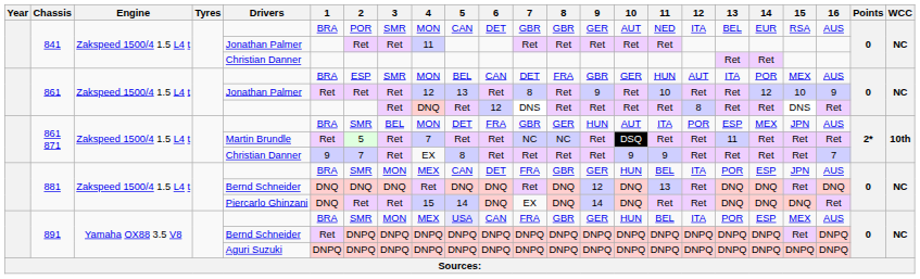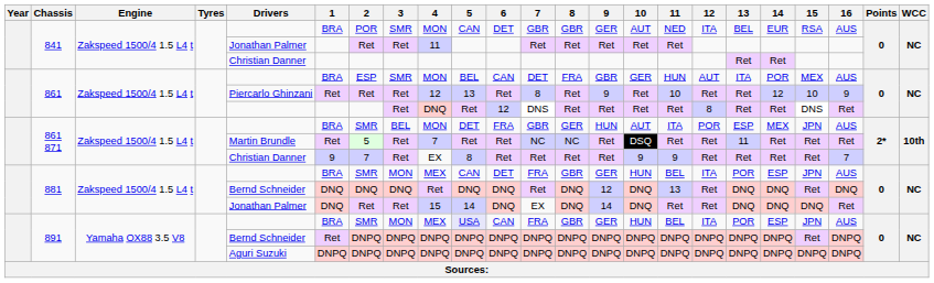 <table class="wikitable" style="text-align:center; font-size:85%">
 <tr>
 <th>Year</th>
 <th>Chassis</th>
 <th>Engine</th>
 <th>Tyres</th>
 <th>Drivers</th>
 <th>1</th>
 <th>2</th>
 <th>3</th>
 <th>4</th>
 <th>5</th>
 <th>6</th>
 <th>7</th>
 <th>8</th>
 <th>9</th>
 <th>10</th>
 <th>11</th>
 <th>12</th>
 <th>13</th>
 <th>14</th>
 <th>15</th>
 <th>16</th>
 <th>Points</th>
 <th>WCC</th>
 </tr>
 <tr>
 <th rowspan="3"></th>
 <td rowspan="3"><a href='#'>841</a></td>
 <td rowspan="3"><a href='#'>Zakspeed 1500/4</a> 1.5 <a href='#'>L4</a> <a href='#'>t</a></td>
 <td rowspan="3"></td>
 <td></td>
 <td><a href='#'>BRA</a></td>
 <td><a href='#'>POR</a></td>
 <td><a href='#'>SMR</a></td>
 <td><a href='#'>MON</a></td>
 <td><a href='#'>CAN</a></td>
 <td><a href='#'>DET</a></td>
 <td><a href='#'>GBR</a></td>
 <td><a href='#'>GBR</a></td>
 <td><a href='#'>GER</a></td>
 <td><a href='#'>AUT</a></td>
 <td><a href='#'>NED</a></td>
 <td><a href='#'>ITA</a></td>
 <td><a href='#'>BEL</a></td>
 <td><a href='#'>EUR</a></td>
 <td><a href='#'>RSA</a></td>
 <td><a href='#'>AUS</a></td>
 <th rowspan="3">0</th>
 <th rowspan="3">NC</th>
 </tr>
 <tr>
 <td align="left"> <a href='#'>Jonathan Palmer</a></td>
 <td></td>
 <td style="background:#EFCFFF;">Ret</td>
 <td style="background:#EFCFFF;">Ret</td>
 <td style="background:#CFCFFF;">11</td>
 <td></td>
 <td></td>
 <td style="background:#EFCFFF;">Ret</td>
 <td style="background:#EFCFFF;">Ret</td>
 <td style="background:#EFCFFF;">Ret</td>
 <td style="background:#EFCFFF;">Ret</td>
 <td style="background:#EFCFFF;">Ret</td>
 <td></td>
 <td></td>
 <td></td>
 <td></td>
 <td></td>
 </tr>
 <tr>
 <td align="left"> <a href='#'>Christian Danner</a></td>
 <td></td>
 <td></td>
 <td></td>
 <td></td>
 <td></td>
 <td></td>
 <td></td>
 <td></td>
 <td></td>
 <td></td>
 <td></td>
 <td></td>
 <td style="background:#EFCFFF;">Ret</td>
 <td style="background:#EFCFFF;">Ret</td>
 <td></td>
 <td></td>
 </tr>
 <tr>
 <th rowspan="3"></th>
 <td rowspan="3"><a href='#'>861</a></td>
 <td rowspan="3"><a href='#'>Zakspeed 1500/4</a> 1.5 <a href='#'>L4</a> <a href='#'>t</a></td>
 <td rowspan="3"></td>
 <td></td>
 <td><a href='#'>BRA</a></td>
 <td><a href='#'>ESP</a></td>
 <td><a href='#'>SMR</a></td>
 <td><a href='#'>MON</a></td>
 <td><a href='#'>BEL</a></td>
 <td><a href='#'>CAN</a></td>
 <td><a href='#'>DET</a></td>
 <td><a href='#'>FRA</a></td>
 <td><a href='#'>GBR</a></td>
 <td><a href='#'>GER</a></td>
 <td><a href='#'>HUN</a></td>
 <td><a href='#'>AUT</a></td>
 <td><a href='#'>ITA</a></td>
 <td><a href='#'>POR</a></td>
 <td><a href='#'>MEX</a></td>
 <td><a href='#'>AUS</a></td>
 <th rowspan="3">0</th>
 <th rowspan="3">NC</th>
 </tr>
 <tr>
-<td align="left"> <a href='#'>Jonathan Palmer</a></td>
+<td align="left"> <a href='#'>Piercarlo Ghinzani</a></td>
 <td style="background:#EFCFFF;">Ret</td>
 <td style="background:#EFCFFF;">Ret</td>
 <td style="background:#EFCFFF;">Ret</td>
 <td style="background:#CFCFFF;">12</td>
 <td style="background:#CFCFFF;">13</td>
 <td style="background:#EFCFFF;">Ret</td>
 <td style="background:#CFCFFF;">8</td>
 <td style="background:#EFCFFF;">Ret</td>
 <td style="background:#CFCFFF;">9</td>
 <td style="background:#EFCFFF;">Ret</td>
 <td style="background:#CFCFFF;">10</td>
 <td style="background:#EFCFFF;">Ret</td>
 <td style="background:#EFCFFF;">Ret</td>
 <td style="background:#CFCFFF;">12</td>
 <td style="background:#CFCFFF;">10</td>
 <td style="background:#CFCFFF;">9</td>
 </tr>
 <tr>
 <td align="left"></td>
 <td></td>
 <td></td>
 <td style="background:#EFCFFF;">Ret</td>
 <td style="background:#FFCFCF;">DNQ</td>
 <td style="background:#EFCFFF;">Ret</td>
 <td style="background:#CFCFFF;">12</td>
 <td style="background:#FFFFFF;">DNS</td>
 <td style="background:#EFCFFF;">Ret</td>
 <td style="background:#EFCFFF;">Ret</td>
 <td style="background:#EFCFFF;">Ret</td>
 <td style="background:#EFCFFF;">Ret</td>
 <td style="background:#CFCFFF;">8</td>
 <td style="background:#EFCFFF;">Ret</td>
 <td style="background:#EFCFFF;">Ret</td>
 <td style="background:#FFFFFF;">DNS</td>
 <td style="background:#EFCFFF;">Ret</td>
 </tr>
 <tr>
 <th rowspan="3"></th>
 <td rowspan="3"><a href='#'>861</a><br><a href='#'>871</a></td>
 <td rowspan="3"><a href='#'>Zakspeed 1500/4</a> 1.5 <a href='#'>L4</a> <a href='#'>t</a></td>
 <td rowspan="3"></td>
 <td></td>
 <td><a href='#'>BRA</a></td>
 <td><a href='#'>SMR</a></td>
 <td><a href='#'>BEL</a></td>
 <td><a href='#'>MON</a></td>
 <td><a href='#'>DET</a></td>
 <td><a href='#'>FRA</a></td>
 <td><a href='#'>GBR</a></td>
 <td><a href='#'>GER</a></td>
 <td><a href='#'>HUN</a></td>
 <td><a href='#'>AUT</a></td>
 <td><a href='#'>ITA</a></td>
 <td><a href='#'>POR</a></td>
 <td><a href='#'>ESP</a></td>
 <td><a href='#'>MEX</a></td>
 <td><a href='#'>JPN</a></td>
 <td><a href='#'>AUS</a></td>
 <th rowspan="3">2*</th>
 <th rowspan="3">10th</th>
 </tr>
 <tr>
 <td align="left"> <a href='#'>Martin Brundle</a></td>
 <td style="background:#EFCFFF;">Ret</td>
 <td style="background:#DFFFDF;">5</td>
 <td style="background:#EFCFFF;">Ret</td>
 <td style="background:#CFCFFF;">7</td>
 <td style="background:#EFCFFF;">Ret</td>
 <td style="background:#EFCFFF;">Ret</td>
 <td style="background:#CFCFFF;">NC</td>
 <td style="background:#CFCFFF;">NC</td>
 <td style="background:#EFCFFF;">Ret</td>
 <td style="background:#000000; color:white">DSQ</td>
 <td style="background:#EFCFFF;">Ret</td>
 <td style="background:#EFCFFF;">Ret</td>
 <td style="background:#CFCFFF;">11</td>
 <td style="background:#EFCFFF;">Ret</td>
 <td style="background:#EFCFFF;">Ret</td>
 <td style="background:#EFCFFF;">Ret</td>
 </tr>
 <tr>
 <td align="left"> <a href='#'>Christian Danner</a></td>
 <td style="background:#CFCFFF;">9</td>
 <td style="background:#CFCFFF;">7</td>
 <td style="background:#EFCFFF;">Ret</td>
 <td>EX</td>
 <td style="background:#CFCFFF;">8</td>
 <td style="background:#EFCFFF;">Ret</td>
 <td style="background:#EFCFFF;">Ret</td>
 <td style="background:#EFCFFF;">Ret</td>
 <td style="background:#EFCFFF;">Ret</td>
 <td style="background:#CFCFFF;">9</td>
 <td style="background:#CFCFFF;">9</td>
 <td style="background:#EFCFFF;">Ret</td>
 <td style="background:#EFCFFF;">Ret</td>
 <td style="background:#EFCFFF;">Ret</td>
 <td style="background:#EFCFFF;">Ret</td>
 <td style="background:#CFCFFF;">7</td>
 </tr>
 <tr>
 <th rowspan="3"></th>
 <td rowspan="3"><a href='#'>881</a></td>
 <td rowspan="3"><a href='#'>Zakspeed 1500/4</a> 1.5 <a href='#'>L4</a> <a href='#'>t</a></td>
 <td rowspan="3"></td>
 <td></td>
 <td><a href='#'>BRA</a></td>
 <td><a href='#'>SMR</a></td>
 <td><a href='#'>MON</a></td>
 <td><a href='#'>MEX</a></td>
 <td><a href='#'>CAN</a></td>
 <td><a href='#'>DET</a></td>
 <td><a href='#'>FRA</a></td>
 <td><a href='#'>GBR</a></td>
 <td><a href='#'>GER</a></td>
 <td><a href='#'>HUN</a></td>
 <td><a href='#'>BEL</a></td>
 <td><a href='#'>ITA</a></td>
 <td><a href='#'>POR</a></td>
 <td><a href='#'>ESP</a></td>
 <td><a href='#'>JPN</a></td>
 <td><a href='#'>AUS</a></td>
 <th rowspan="3">0</th>
 <th rowspan="3">NC</th>
 </tr>
 <tr>
 <td align="left"> <a href='#'>Bernd Schneider</a></td>
 <td style="background:#FFCFCF;">DNQ</td>
 <td style="background:#FFCFCF;">DNQ</td>
 <td style="background:#FFCFCF;">DNQ</td>
 <td style="background:#EFCFFF;">Ret</td>
 <td style="background:#FFCFCF;">DNQ</td>
 <td style="background:#FFCFCF;">DNQ</td>
 <td style="background:#EFCFFF;">Ret</td>
 <td style="background:#FFCFCF;">DNQ</td>
 <td style="background:#CFCFFF;">12</td>
 <td style="background:#FFCFCF;">DNQ</td>
 <td style="background:#CFCFFF;">13</td>
 <td style="background:#EFCFFF;">Ret</td>
 <td style="background:#FFCFCF;">DNQ</td>
 <td style="background:#FFCFCF;">DNQ</td>
 <td style="background:#EFCFFF;">Ret</td>
 <td style="background:#FFCFCF;">DNQ</td>
 </tr>
 <tr>
-<td align="left"> <a href='#'>Piercarlo Ghinzani</a></td>
+<td align="left"> <a href='#'>Jonathan Palmer</a></td>
 <td style="background:#FFCFCF;">DNQ</td>
 <td style="background:#EFCFFF;">Ret</td>
 <td style="background:#EFCFFF;">Ret</td>
 <td style="background:#CFCFFF;">15</td>
 <td style="background:#CFCFFF;">14</td>
 <td style="background:#FFCFCF;">DNQ</td>
 <td>EX</td>
 <td style="background:#FFCFCF;">DNQ</td>
 <td style="background:#CFCFFF;">14</td>
 <td style="background:#FFCFCF;">DNQ</td>
 <td style="background:#EFCFFF;">Ret</td>
 <td style="background:#EFCFFF;">Ret</td>
 <td style="background:#FFCFCF;">DNQ</td>
 <td style="background:#FFCFCF;">DNQ</td>
 <td style="background:#FFCFCF;">DNQ</td>
 <td style="background:#EFCFFF;">Ret</td>
 </tr>
 <tr>
 <th rowspan="3"></th>
 <td rowspan="3"><a href='#'>891</a></td>
 <td rowspan="3"><a href='#'>Yamaha</a> <a href='#'>OX88</a> 3.5 <a href='#'>V8</a></td>
 <td rowspan="3"></td>
 <td></td>
 <td><a href='#'>BRA</a></td>
 <td><a href='#'>SMR</a></td>
 <td><a href='#'>MON</a></td>
 <td><a href='#'>MEX</a></td>
 <td style="background: lavender;"><a href='#'>USA</a></td>
 <td><a href='#'>CAN</a></td>
 <td><a href='#'>FRA</a></td>
 <td><a href='#'>GBR</a></td>
 <td><a href='#'>GER</a></td>
 <td><a href='#'>HUN</a></td>
 <td><a href='#'>BEL</a></td>
 <td><a href='#'>ITA</a></td>
 <td><a href='#'>POR</a></td>
 <td><a href='#'>ESP</a></td>
-<td><a href='#'>MEX</a></td>
+<td><a href='#'>JPN</a></td>
 <td><a href='#'>AUS</a></td>
 <th rowspan="3">0</th>
 <th rowspan="3">NC</th>
 </tr>
 <tr>
 <td align="left"> <a href='#'>Bernd Schneider</a></td>
 <td style="background:#EFCFFF;">Ret</td>
 <td style="background:#FFCFCF;">DNPQ</td>
 <td style="background:#FFCFCF;">DNPQ</td>
 <td style="background:#FFCFCF;">DNPQ</td>
 <td style="background:#FFCFCF;">DNPQ</td>
 <td style="background:#FFCFCF;">DNPQ</td>
 <td style="background:#FFCFCF;">DNPQ</td>
 <td style="background:#FFCFCF;">DNPQ</td>
 <td style="background:#FFCFCF;">DNPQ</td>
 <td style="background:#FFCFCF;">DNPQ</td>
 <td style="background:#FFCFCF;">DNPQ</td>
 <td style="background:#FFCFCF;">DNPQ</td>
 <td style="background:#FFCFCF;">DNPQ</td>
 <td style="background:#FFCFCF;">DNPQ</td>
 <td style="background:#EFCFFF;">Ret</td>
 <td style="background:#FFCFCF;">DNPQ</td>
 </tr>
 <tr>
 <td align="left"> <a href='#'>Aguri Suzuki</a></td>
 <td style="background:#FFCFCF;">DNPQ</td>
 <td style="background:#FFCFCF;">DNPQ</td>
 <td style="background:#FFCFCF;">DNPQ</td>
 <td style="background:#FFCFCF;">DNPQ</td>
 <td style="background:#FFCFCF;">DNPQ</td>
 <td style="background:#FFCFCF;">DNPQ</td>
 <td style="background:#FFCFCF;">DNPQ</td>
 <td style="background:#FFCFCF;">DNPQ</td>
 <td style="background:#FFCFCF;">DNPQ</td>
 <td style="background:#FFCFCF;">DNPQ</td>
 <td style="background:#FFCFCF;">DNPQ</td>
 <td style="background:#FFCFCF;">DNPQ</td>
 <td style="background:#FFCFCF;">DNPQ</td>
 <td style="background:#FFCFCF;">DNPQ</td>
 <td style="background:#FFCFCF;">DNPQ</td>
 <td style="background:#FFCFCF;">DNPQ</td>
 </tr>
 <tr>
 <th colspan="23">Sources:</th>
 </tr>
 </table>
